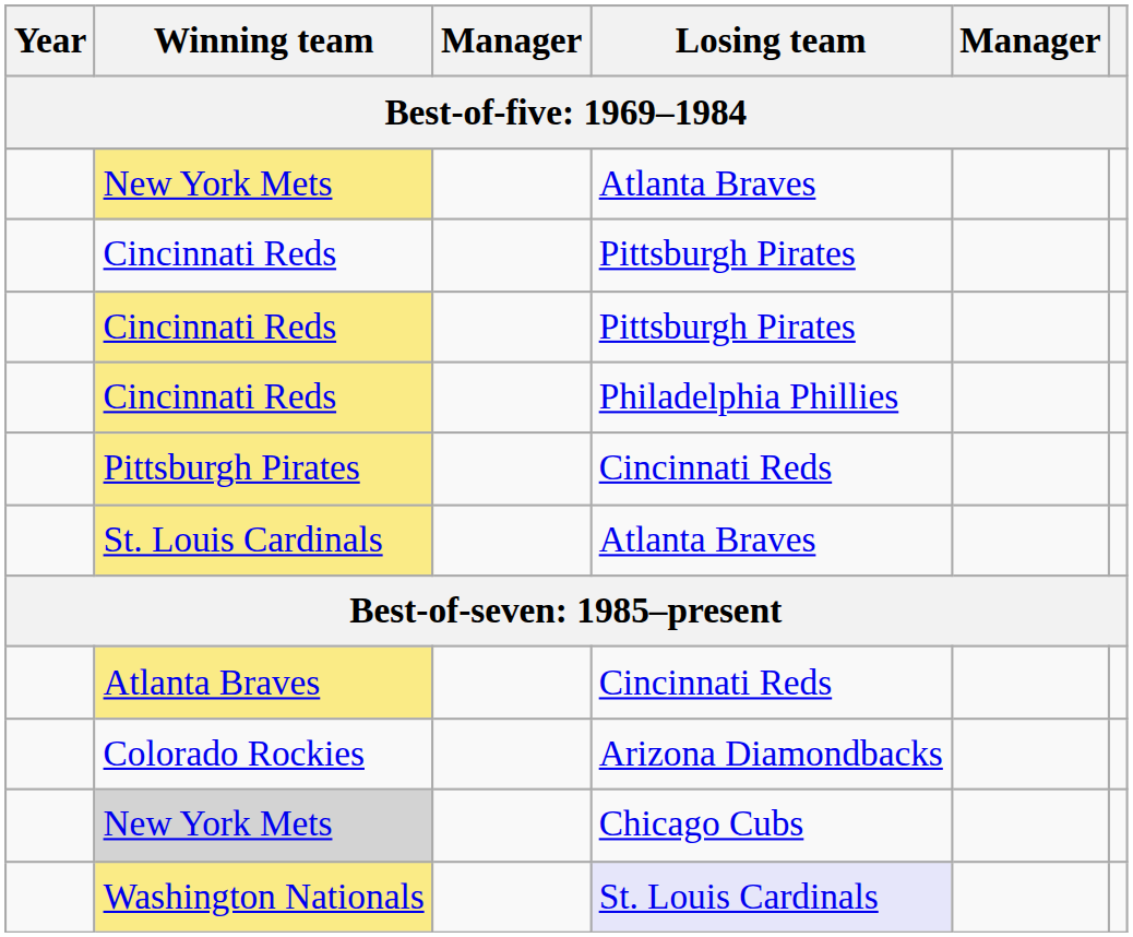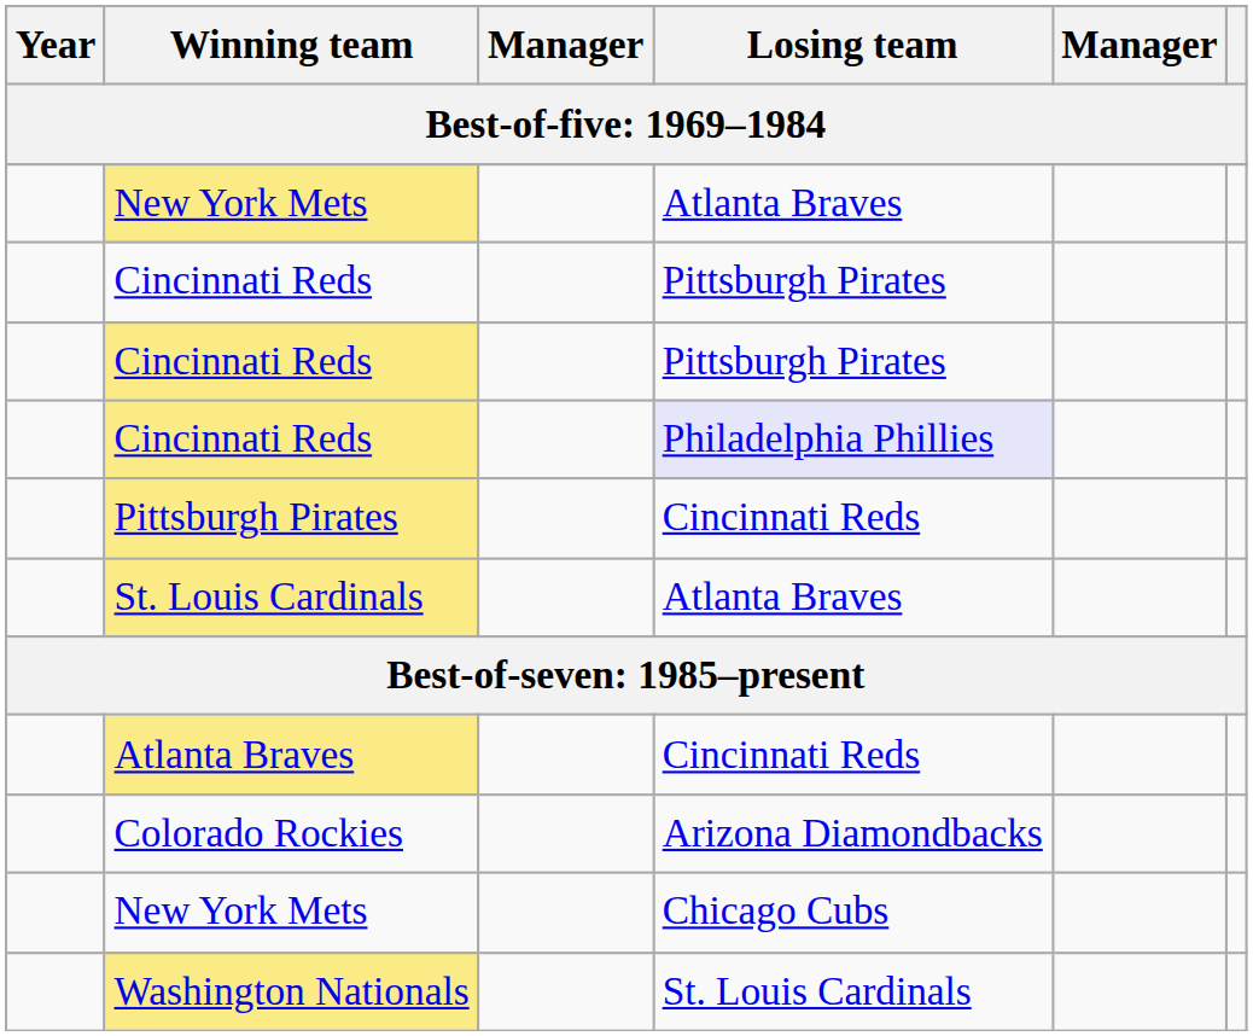 <table class="wikitable sortable sticky-header" style="font-size:1.00em; line-height:1.5em;">
 <tr>
 <th scope="col" class="unsortable">Year</th>
 <th scope="col">Winning team</th>
 <th scope="col">Manager</th>
 <th scope="col">Losing team</th>
 <th scope="col">Manager</th>
 <th scope="col" class="unsortable"></th>
 </tr>
 <tr>
 <th scope="col" colspan="7">Best-of-five: 1969–1984</th>
 </tr>
 <tr>
 </tr>
 <tr>
 <td align="center"></td>
 <td bgcolor="#FAEB86"><a href='#'>New York Mets</a></td>
 <td></td>
 <td><a href='#'>Atlanta Braves</a></td>
 <td></td>
 <td></td>
 </tr>
 <tr>
 <td align="center"></td>
 <td><a href='#'>Cincinnati Reds</a></td>
 <td></td>
 <td><a href='#'>Pittsburgh Pirates</a></td>
 <td></td>
 <td></td>
 </tr>
 <tr>
 <td align="center"></td>
 <td bgcolor="#FAEB86"><a href='#'>Cincinnati Reds</a></td>
 <td></td>
 <td><a href='#'>Pittsburgh Pirates</a></td>
 <td></td>
 <td></td>
 </tr>
 <tr>
 <td align="center"></td>
 <td bgcolor="#FAEB86"><a href='#'>Cincinnati Reds</a></td>
 <td></td>
-<td><a href='#'>Philadelphia Phillies</a></td>
+<td style="background: lavender;"><a href='#'>Philadelphia Phillies</a></td>
 <td></td>
 <td></td>
 </tr>
 <tr>
 <td align="center"></td>
 <td bgcolor="#FAEB86"><a href='#'>Pittsburgh Pirates</a></td>
 <td></td>
 <td><a href='#'>Cincinnati Reds</a></td>
 <td></td>
 <td></td>
 </tr>
 <tr>
 <td align="center"></td>
 <td bgcolor="#FAEB86"><a href='#'>St. Louis Cardinals</a></td>
 <td></td>
 <td><a href='#'>Atlanta Braves</a></td>
 <td></td>
 <td></td>
 </tr>
 <tr>
 <th scope="col" colspan="7">Best-of-seven: 1985–present</th>
 </tr>
 <tr>
 <td align="center"></td>
 <td bgcolor="#FAEB86"><a href='#'>Atlanta Braves</a></td>
 <td></td>
 <td><a href='#'>Cincinnati Reds</a></td>
 <td></td>
 <td></td>
 </tr>
 <tr>
 <td align="center"></td>
 <td><a href='#'>Colorado Rockies</a></td>
 <td></td>
 <td><a href='#'>Arizona Diamondbacks</a></td>
 <td></td>
 <td></td>
 </tr>
 <tr>
 <td align="center"></td>
-<td style="background: lightgrey;"><a href='#'>New York Mets</a></td>
+<td><a href='#'>New York Mets</a></td>
 <td></td>
 <td><a href='#'>Chicago Cubs</a></td>
 <td></td>
 <td></td>
 </tr>
 <tr>
 <td align="center"></td>
 <td bgcolor="FAEB86"><a href='#'>Washington Nationals</a></td>
 <td></td>
-<td style="background: lavender;"><a href='#'>St. Louis Cardinals</a></td>
+<td><a href='#'>St. Louis Cardinals</a></td>
 <td></td>
 <td></td>
 </tr>
 </table>
